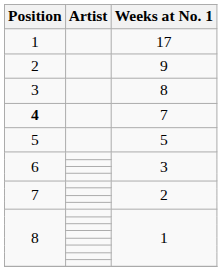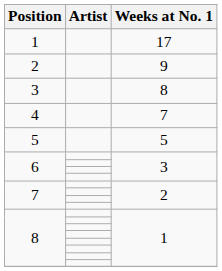 <table class="wikitable plainrowheaders" style="text-align:center;">
 <tr>
 <th>Position</th>
 <th>Artist</th>
 <th>Weeks at No. 1</th>
 </tr>
 <tr>
 <td>1</td>
 <td></td>
 <td>17</td>
 </tr>
 <tr>
 <td>2</td>
 <td></td>
 <td>9</td>
 </tr>
 <tr>
 <td>3</td>
 <td></td>
 <td>8</td>
 </tr>
 <tr>
-<td><strong>4</strong></td>
+<td>4</td>
 <td></td>
 <td>7</td>
 </tr>
 <tr>
 <td>5</td>
 <td></td>
 <td>5</td>
 </tr>
 <tr>
 <td rowspan=4>6</td>
 <td></td>
 <td rowspan=4>3</td>
 </tr>
 <tr>
 <td></td>
 </tr>
 <tr>
 <td></td>
 </tr>
 <tr>
 <td></td>
 </tr>
 <tr>
 <td rowspan=4>7</td>
 <td></td>
 <td rowspan=4>2</td>
 </tr>
 <tr>
 <td></td>
 </tr>
 <tr>
 <td></td>
 </tr>
 <tr>
 <td></td>
 </tr>
 <tr>
 <td rowspan=8>8</td>
 <td></td>
 <td rowspan=8>1</td>
 </tr>
 <tr>
 <td></td>
 </tr>
 <tr>
 <td></td>
 </tr>
 <tr>
 <td></td>
 </tr>
 <tr>
 <td></td>
 </tr>
 <tr>
 <td></td>
 </tr>
 <tr>
 <td></td>
 </tr>
 <tr>
 <td></td>
 </tr>
 <tr>
 </tr>
 </table>
